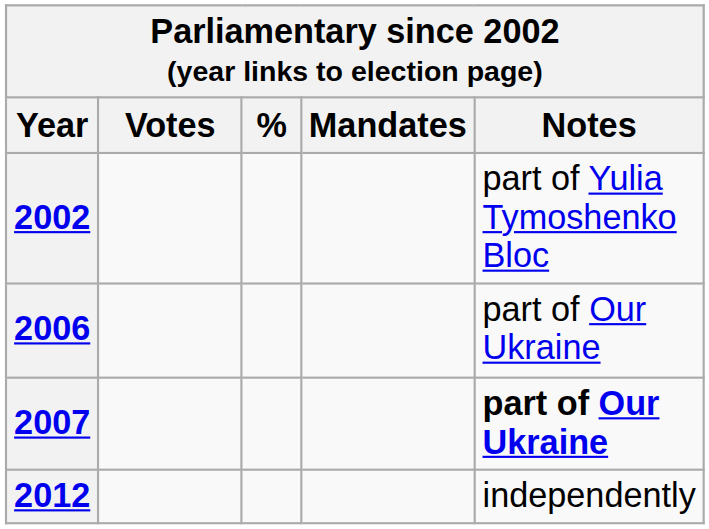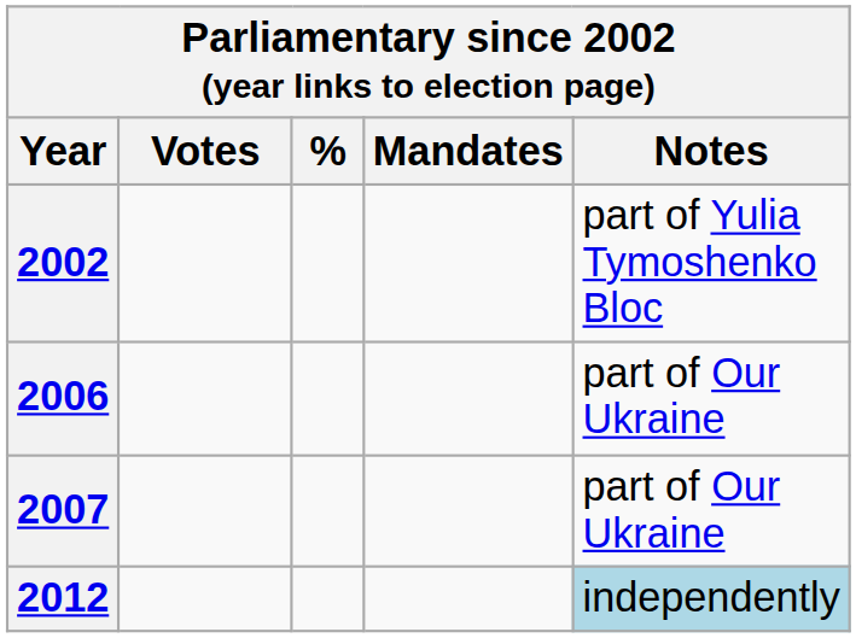 <table class="wikitable" style="float:right">
 <tr style="background-color:#C9C9C9">
 <th colspan="9"><strong>Parliamentary since 2002<br><small>(year links to election page)</small></strong></th>
 </tr>
 <tr>
 <th style="width: 20px">Year</th>
 <th style="width: 60px">Votes</th>
 <th style="width: 20px">%</th>
 <th style="width: 20px">Mandates</th>
 <th style="width: 60px">Notes</th>
 </tr>
 <tr>
 <th><a href='#'>2002</a></th>
 <td></td>
 <td></td>
 <td></td>
 <td>part of <a href='#'>Yulia Tymoshenko Bloc</a></td>
 </tr>
 <tr>
 <th><a href='#'>2006</a></th>
 <td></td>
 <td></td>
 <td></td>
 <td>part of <a href='#'>Our Ukraine</a></td>
 </tr>
 <tr>
 <th><a href='#'>2007</a></th>
 <td></td>
 <td></td>
 <td></td>
-<td><strong>part of <a href='#'>Our Ukraine</a></strong></td>
+<td>part of <a href='#'>Our Ukraine</a></td>
 </tr>
 <tr>
 <th><a href='#'>2012</a></th>
 <td></td>
 <td></td>
 <td></td>
-<td>independently</td>
+<td style="background: lightblue;">independently</td>
 </tr>
 </table>
